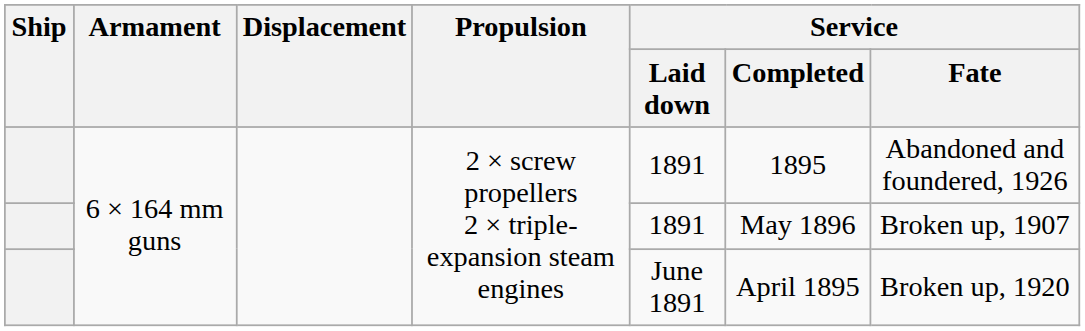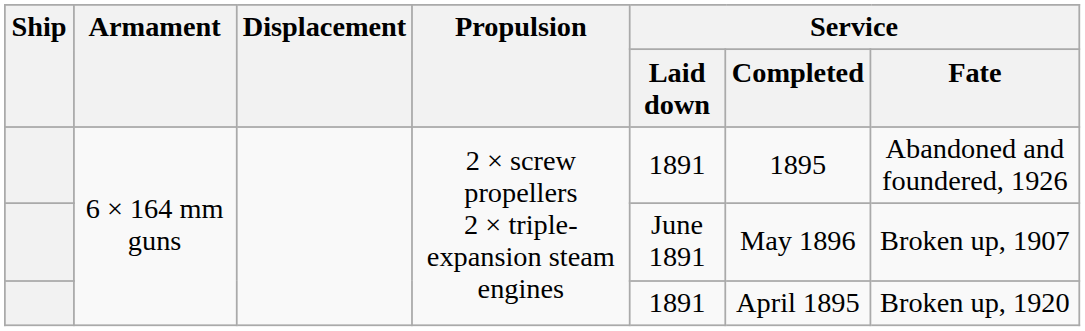 <table class="wikitable plainrowheaders" style="text-align: center;">
 <tr valign="top">
 <th scope="col" rowspan="2">Ship</th>
 <th scope="col" rowspan="2">Armament</th>
 <th scope="col" rowspan="2">Displacement</th>
 <th scope="col" rowspan="2">Propulsion</th>
 <th scope="col" colspan="3">Service</th>
 </tr>
 <tr valign="top">
 <th scope="col">Laid down</th>
 <th scope="col">Completed</th>
 <th scope="col">Fate</th>
 </tr>
 <tr valign="center">
 <th scope="row"></th>
 <td rowspan="3">6 × 164 mm guns</td>
 <td rowspan="3"></td>
 <td rowspan="3">2 × screw propellers<br>2 × triple-expansion steam engines<br></td>
 <td>1891</td>
 <td>1895</td>
 <td>Abandoned and foundered, 1926</td>
 </tr>
 <tr valign="center">
 <th scope="row"></th>
-<td>1891</td>
+<td>June 1891</td>
 <td>May 1896</td>
 <td>Broken up, 1907</td>
 </tr>
 <tr valign="center">
 <th scope="row"></th>
-<td>June 1891</td>
+<td>1891</td>
 <td>April 1895</td>
 <td>Broken up, 1920</td>
 </tr>
 </table>
